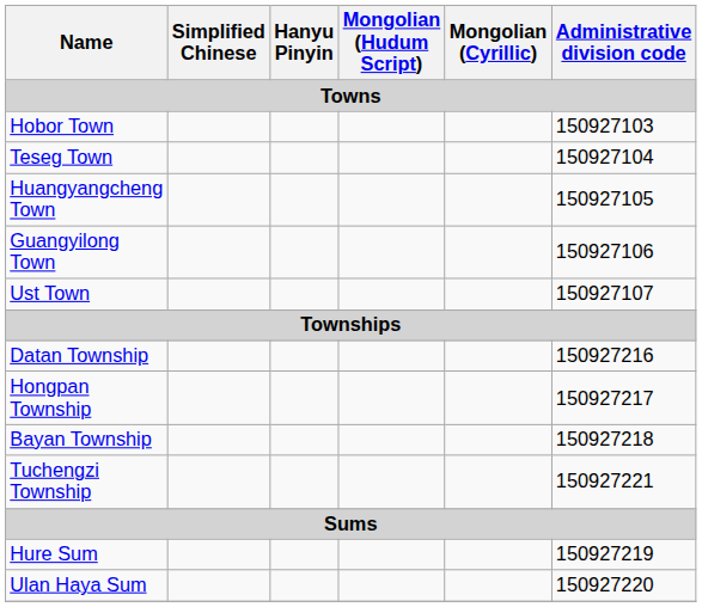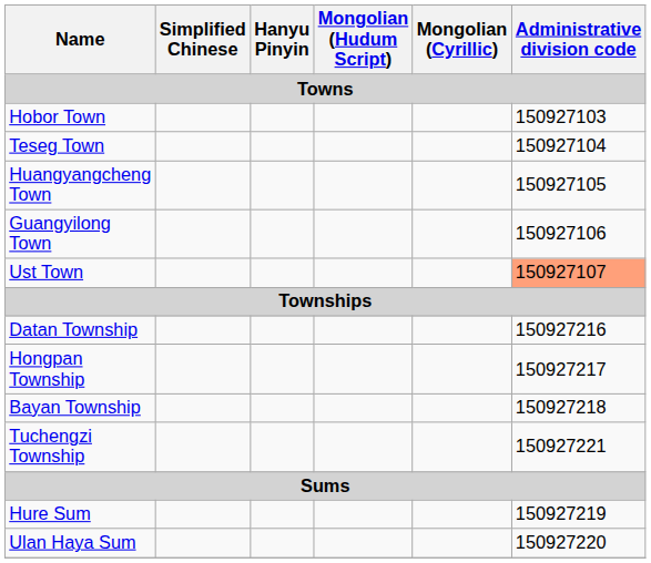 <table class="wikitable" align="center" style="width:50%; border="1">
 <tr>
 <th>Name</th>
 <th>Simplified Chinese</th>
 <th>Hanyu Pinyin</th>
 <th><a href='#'>Mongolian</a> (<a href='#'>Hudum Script</a>)</th>
 <th>Mongolian (<a href='#'>Cyrillic</a>)</th>
 <th><a href='#'>Administrative division code</a></th>
 </tr>
 <tr>
 <td colspan="6"  style="text-align:center; background:#d3d3d3;"><strong>Towns</strong></td>
 </tr>
 <tr --------->
 <td><a href='#'>Hobor Town</a></td>
 <td></td>
 <td></td>
 <td></td>
 <td></td>
 <td>150927103</td>
 </tr>
 <tr>
 <td><a href='#'>Teseg Town</a></td>
 <td></td>
 <td></td>
 <td></td>
 <td></td>
 <td>150927104</td>
 </tr>
 <tr>
 <td><a href='#'>Huangyangcheng Town</a></td>
 <td></td>
 <td></td>
 <td></td>
 <td></td>
 <td>150927105</td>
 </tr>
 <tr>
 <td><a href='#'>Guangyilong Town</a></td>
 <td></td>
 <td></td>
 <td></td>
 <td></td>
 <td>150927106</td>
 </tr>
 <tr>
 <td><a href='#'>Ust Town</a></td>
 <td></td>
 <td></td>
 <td></td>
 <td></td>
-<td>150927107</td>
+<td style="background: lightsalmon;">150927107</td>
 </tr>
 <tr>
 <td colspan="6"  style="text-align:center; background:#d3d3d3;"><strong>Townships</strong></td>
 </tr>
 <tr --------->
 <td><a href='#'>Datan Township</a></td>
 <td></td>
 <td></td>
 <td></td>
 <td></td>
 <td>150927216</td>
 </tr>
 <tr>
 <td><a href='#'>Hongpan Township</a></td>
 <td></td>
 <td></td>
 <td></td>
 <td></td>
 <td>150927217</td>
 </tr>
 <tr>
 <td><a href='#'>Bayan Township</a></td>
 <td></td>
 <td></td>
 <td></td>
 <td></td>
 <td>150927218</td>
 </tr>
 <tr>
 <td><a href='#'>Tuchengzi Township</a></td>
 <td></td>
 <td></td>
 <td></td>
 <td></td>
 <td>150927221</td>
 </tr>
 <tr>
 <td colspan="6"  style="text-align:center; background:#d3d3d3;"><strong>Sums</strong></td>
 </tr>
 <tr --------->
 <td><a href='#'>Hure Sum</a></td>
 <td></td>
 <td></td>
 <td></td>
 <td></td>
 <td>150927219</td>
 </tr>
 <tr>
 <td><a href='#'>Ulan Haya Sum</a></td>
 <td></td>
 <td></td>
 <td></td>
 <td></td>
 <td>150927220</td>
 </tr>
 <tr>
 </tr>
 </table>
